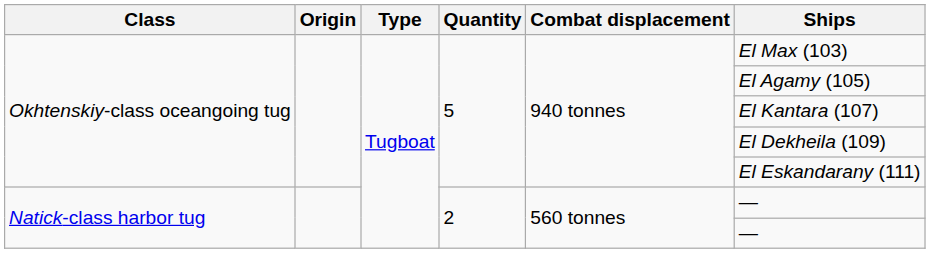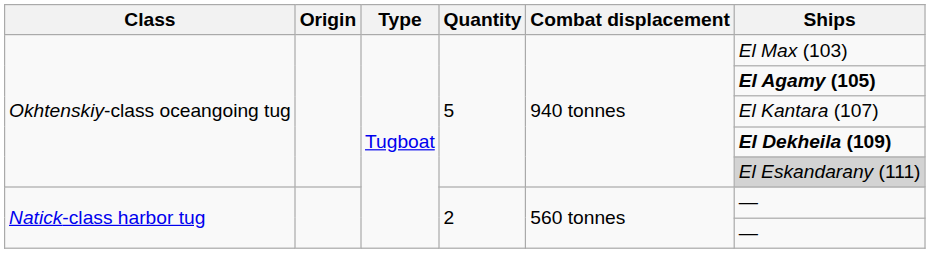 <table class="wikitable">
 <tr>
 <th>Class</th>
 <th>Origin</th>
 <th>Type</th>
 <th>Quantity</th>
 <th>Combat displacement</th>
 <th>Ships</th>
 </tr>
 <tr>
 <td rowspan="5"><em>Okhtenskiy</em>-class oceangoing tug</td>
 <td rowspan="5"><br></td>
 <td rowspan="7"><a href='#'>Tugboat</a></td>
 <td rowspan="5">5</td>
 <td rowspan="5">940 tonnes</td>
 <td><em>El Max</em> (103)</td>
 </tr>
 <tr>
-<td><em>El Agamy</em> (105)</td>
+<td><strong><em>El Agamy</em> (105)</strong></td>
 </tr>
 <tr>
 <td><em>El Kantara</em> (107)</td>
 </tr>
 <tr>
-<td><em>El Dekheila</em> (109)</td>
+<td><strong><em>El Dekheila</em> (109)</strong></td>
 </tr>
 <tr>
-<td><em>El Eskandarany</em> (111)</td>
+<td style="background: lightgrey;"><em>El Eskandarany</em> (111)</td>
 </tr>
 <tr>
 <td rowspan="2"><a href='#'><em>Natick</em>-class harbor tug</a></td>
 <td rowspan="2"><br></td>
 <td rowspan="2">2</td>
 <td rowspan="2">560 tonnes</td>
 <td>—</td>
 </tr>
 <tr>
 <td>—</td>
 </tr>
 </table>
